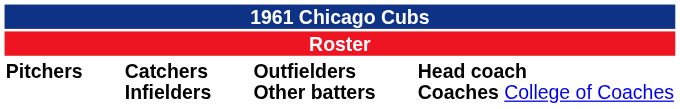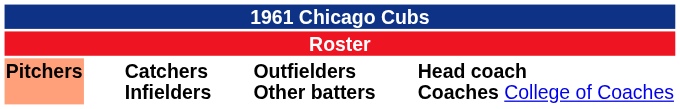 <table class="toccolours" style="font-size: 95%;">
 <tr>
 <th colspan="10" style="background-color: #0e3386; color: white; text-align: center;">1961 Chicago Cubs</th>
 </tr>
 <tr>
 <td colspan="10" style="background-color: #EE1422; color: white; text-align: center;"><strong>Roster</strong></td>
 </tr>
 <tr>
-<td valign="top"><strong>Pitchers</strong><br>           </td>
+<td valign="top" style="background: lightsalmon;"><strong>Pitchers</strong><br>           </td>
 <td width="25px"></td>
 <td valign="top"><strong>Catchers</strong><br>    <strong>Infielders</strong>         </td>
 <td width="25px"></td>
 <td valign="top"><strong>Outfielders</strong><br>           <strong>Other batters</strong> </td>
 <td width="25px"></td>
 <td valign="top"><strong>Head coach</strong><br>    <strong>Coaches</strong> <a href='#'>College of Coaches</a></td>
 </tr>
 <tr>
 </tr>
 </table>
